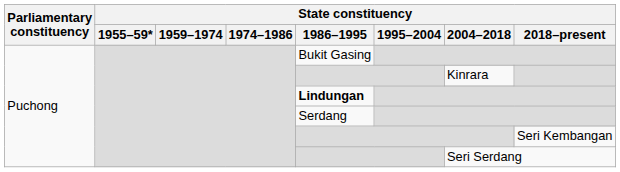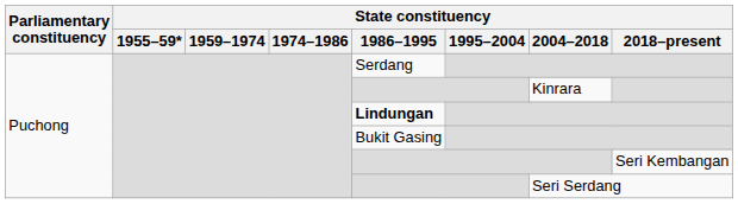 <table class="wikitable">
 <tr>
 <th rowspan="2">Parliamentary<br>constituency</th>
 <th colspan="7">State constituency</th>
 </tr>
 <tr>
 <th>1955–59*</th>
 <th>1959–1974</th>
 <th>1974–1986</th>
 <th>1986–1995</th>
 <th>1995–2004</th>
 <th>2004–2018</th>
 <th>2018–present</th>
 </tr>
 <tr>
 <td rowspan="6">Puchong</td>
 <td colspan="3" rowspan="6" bgcolor="dcdcdc"></td>
-<td>Bukit Gasing</td>
+<td>Serdang</td>
 <td colspan="3" bgcolor="dcdcdc"></td>
 </tr>
 <tr>
 <td colspan="2" bgcolor="dcdcdc"></td>
 <td>Kinrara</td>
 <td bgcolor="dcdcdc"></td>
 </tr>
 <tr>
 <td><strong>Lindungan</strong></td>
 <td colspan="3" bgcolor="dcdcdc"></td>
 </tr>
 <tr>
-<td>Serdang</td>
+<td>Bukit Gasing</td>
 <td colspan="3" bgcolor="dcdcdc"></td>
 </tr>
 <tr>
 <td colspan="3" bgcolor="dcdcdc"></td>
 <td>Seri Kembangan</td>
 </tr>
 <tr>
 <td colspan="2" bgcolor="dcdcdc"></td>
 <td colspan="2">Seri Serdang</td>
 </tr>
 </table>
